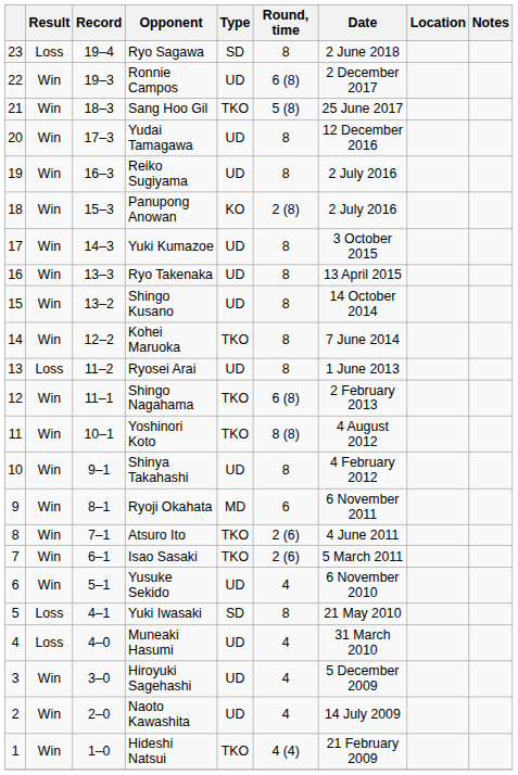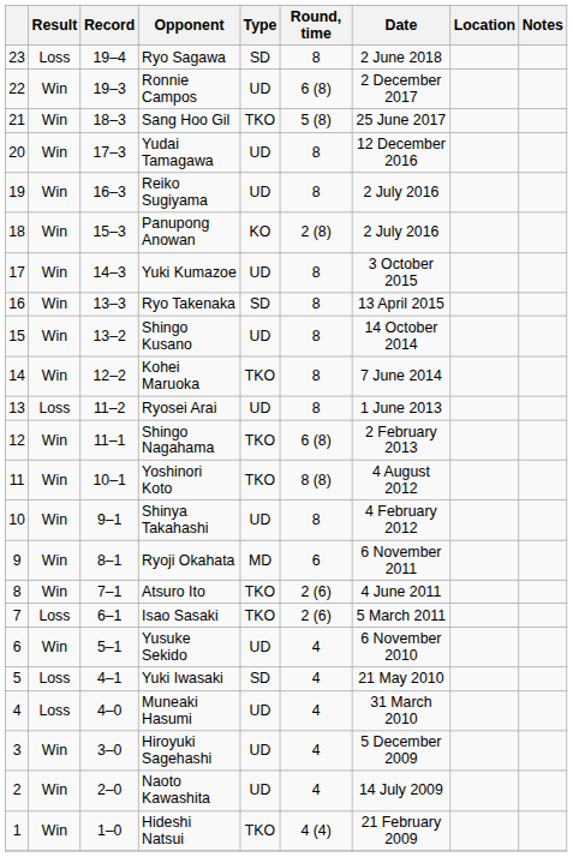 <table class="wikitable" style="text-align:center;">
 <tr>
 <th></th>
 <th>Result</th>
 <th>Record</th>
 <th>Opponent</th>
 <th>Type</th>
 <th>Round, time</th>
 <th>Date</th>
 <th>Location</th>
 <th>Notes</th>
 </tr>
 <tr>
 <td>23</td>
 <td>Loss</td>
 <td>19–4</td>
 <td style="text-align:left;"> Ryo Sagawa</td>
 <td>SD</td>
 <td>8</td>
 <td>2 June 2018</td>
 <td style="text-align:left;"> </td>
 <td style="text-align:left;"></td>
 </tr>
 <tr>
 <td>22</td>
 <td>Win</td>
 <td>19–3</td>
 <td style="text-align:left;"> Ronnie Campos</td>
 <td>UD</td>
 <td>6 (8)</td>
 <td>2 December 2017</td>
 <td style="text-align:left;"> </td>
 <td style="text-align:left;"></td>
 </tr>
 <tr>
 <td>21</td>
 <td>Win</td>
 <td>18–3</td>
 <td style="text-align:left;"> Sang Hoo Gil</td>
 <td>TKO</td>
 <td>5 (8)</td>
 <td>25 June 2017</td>
 <td style="text-align:left;"> </td>
 <td style="text-align:left;"></td>
 </tr>
 <tr>
 <td>20</td>
 <td>Win</td>
 <td>17–3</td>
 <td style="text-align:left;"> Yudai Tamagawa</td>
 <td>UD</td>
 <td>8</td>
 <td>12 December 2016</td>
 <td style="text-align:left;"> </td>
 <td style="text-align:left;"></td>
 </tr>
 <tr>
 <td>19</td>
 <td>Win</td>
 <td>16–3</td>
 <td style="text-align:left;"> Reiko Sugiyama</td>
 <td>UD</td>
 <td>8</td>
 <td>2 July 2016</td>
 <td style="text-align:left;"> </td>
 <td style="text-align:left;"></td>
 </tr>
 <tr>
 <td>18</td>
 <td>Win</td>
 <td>15–3</td>
 <td style="text-align:left;"> Panupong Anowan</td>
 <td>KO</td>
 <td>2 (8)</td>
 <td>2 July 2016</td>
 <td style="text-align:left;"> </td>
 <td style="text-align:left;"></td>
 </tr>
 <tr>
 <td>17</td>
 <td>Win</td>
 <td>14–3</td>
 <td style="text-align:left;">  Yuki Kumazoe</td>
 <td>UD</td>
 <td>8</td>
 <td>3 October 2015</td>
 <td style="text-align:left;"> </td>
 <td style="text-align:left;"></td>
 </tr>
 <tr>
 <td>16</td>
 <td>Win</td>
 <td>13–3</td>
 <td style="text-align:left;">  Ryo Takenaka</td>
-<td>UD</td>
+<td>SD</td>
 <td>8</td>
 <td>13 April 2015</td>
 <td style="text-align:left;"> </td>
 <td style="text-align:left;"></td>
 </tr>
 <tr>
 <td>15</td>
 <td>Win</td>
 <td>13–2</td>
 <td style="text-align:left;"> Shingo Kusano</td>
 <td>UD</td>
 <td>8</td>
 <td>14 October 2014</td>
 <td style="text-align:left;"> </td>
 <td style="text-align:left;"></td>
 </tr>
 <tr>
 <td>14</td>
 <td>Win</td>
 <td>12–2</td>
 <td style="text-align:left;">  Kohei Maruoka</td>
 <td>TKO</td>
 <td>8</td>
 <td>7 June 2014</td>
 <td style="text-align:left;"> </td>
 <td style="text-align:left;"></td>
 </tr>
 <tr>
 <td>13</td>
 <td>Loss</td>
 <td>11–2</td>
 <td style="text-align:left;">  Ryosei Arai</td>
 <td>UD</td>
 <td>8</td>
 <td>1 June 2013</td>
 <td style="text-align:left;"> </td>
 <td style="text-align:left;"></td>
 </tr>
 <tr>
 <td>12</td>
 <td>Win</td>
 <td>11–1</td>
 <td style="text-align:left;"> Shingo Nagahama</td>
 <td>TKO</td>
 <td>6 (8)</td>
 <td>2 February 2013</td>
 <td style="text-align:left;"> </td>
 <td style="text-align:left;"></td>
 </tr>
 <tr>
 <td>11</td>
 <td>Win</td>
 <td>10–1</td>
 <td style="text-align:left;"> Yoshinori Koto</td>
 <td>TKO</td>
 <td>8 (8)</td>
 <td>4 August 2012</td>
 <td style="text-align:left;"> </td>
 <td style="text-align:left;"></td>
 </tr>
 <tr>
 <td>10</td>
 <td>Win</td>
 <td>9–1</td>
 <td style="text-align:left;"> Shinya Takahashi</td>
 <td>UD</td>
 <td>8</td>
 <td>4 February 2012</td>
 <td style="text-align:left;"> </td>
 <td style="text-align:left;"></td>
 </tr>
 <tr>
 <td>9</td>
 <td>Win</td>
 <td>8–1</td>
 <td style="text-align:left;">  Ryoji Okahata</td>
 <td>MD</td>
 <td>6</td>
 <td>6 November 2011</td>
 <td style="text-align:left;"> </td>
 <td style="text-align:left;"></td>
 </tr>
 <tr>
 <td>8</td>
 <td>Win</td>
 <td>7–1</td>
 <td style="text-align:left;">   Atsuro Ito</td>
 <td>TKO</td>
 <td>2 (6)</td>
 <td>4 June 2011</td>
 <td style="text-align:left;"> </td>
 <td style="text-align:left;"></td>
 </tr>
 <tr>
 <td>7</td>
-<td>Win</td>
+<td>Loss</td>
 <td>6–1</td>
 <td style="text-align:left;"> Isao Sasaki</td>
 <td>TKO</td>
 <td>2 (6)</td>
 <td>5 March 2011</td>
 <td style="text-align:left;"> </td>
 <td style="text-align:left;"></td>
 </tr>
 <tr>
 <td>6</td>
 <td>Win</td>
 <td>5–1</td>
 <td style="text-align:left;"> Yusuke Sekido</td>
 <td>UD</td>
 <td>4</td>
 <td>6 November 2010</td>
 <td style="text-align:left;"> </td>
 <td style="text-align:left;"></td>
 </tr>
 <tr>
 <td>5</td>
 <td>Loss</td>
 <td>4–1</td>
 <td style="text-align:left;">  Yuki Iwasaki</td>
 <td>SD</td>
-<td>8</td>
+<td>4</td>
 <td>21 May 2010</td>
 <td style="text-align:left;"> </td>
 <td style="text-align:left;"></td>
 </tr>
 <tr>
 <td>4</td>
 <td>Loss</td>
 <td>4–0</td>
 <td style="text-align:left;"> Muneaki Hasumi</td>
 <td>UD</td>
 <td>4</td>
 <td>31 March 2010</td>
 <td style="text-align:left;"> </td>
 <td style="text-align:left;"></td>
 </tr>
 <tr>
 <td>3</td>
 <td>Win</td>
 <td>3–0</td>
 <td style="text-align:left;"> Hiroyuki Sagehashi</td>
 <td>UD</td>
 <td>4</td>
 <td>5 December 2009</td>
 <td style="text-align:left;"> </td>
 <td style="text-align:left;"></td>
 </tr>
 <tr>
 <td>2</td>
 <td>Win</td>
 <td>2–0</td>
 <td style="text-align:left;">  Naoto Kawashita</td>
 <td>UD</td>
 <td>4</td>
 <td>14 July 2009</td>
 <td style="text-align:left;"> </td>
 <td style="text-align:left;"></td>
 </tr>
 <tr>
 <td>1</td>
 <td>Win</td>
 <td>1–0</td>
 <td style="text-align:left;"> Hideshi Natsui</td>
 <td>TKO</td>
 <td>4 (4)</td>
 <td>21 February 2009</td>
 <td style="text-align:left;"> </td>
 <td style="text-align:left;"></td>
 </tr>
 <tr>
 </tr>
 </table>
